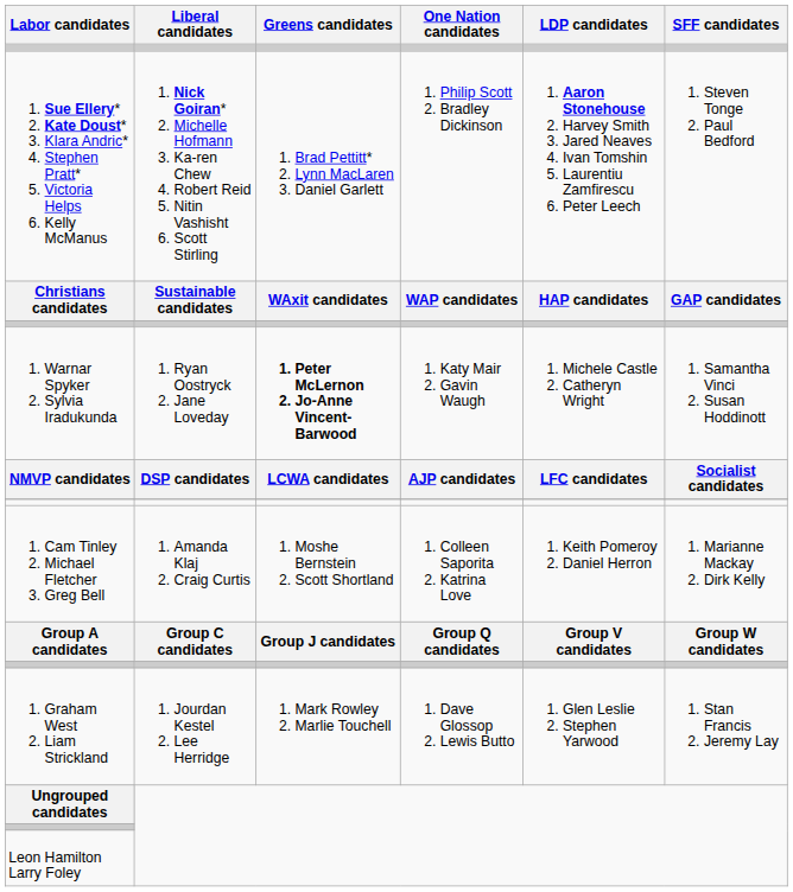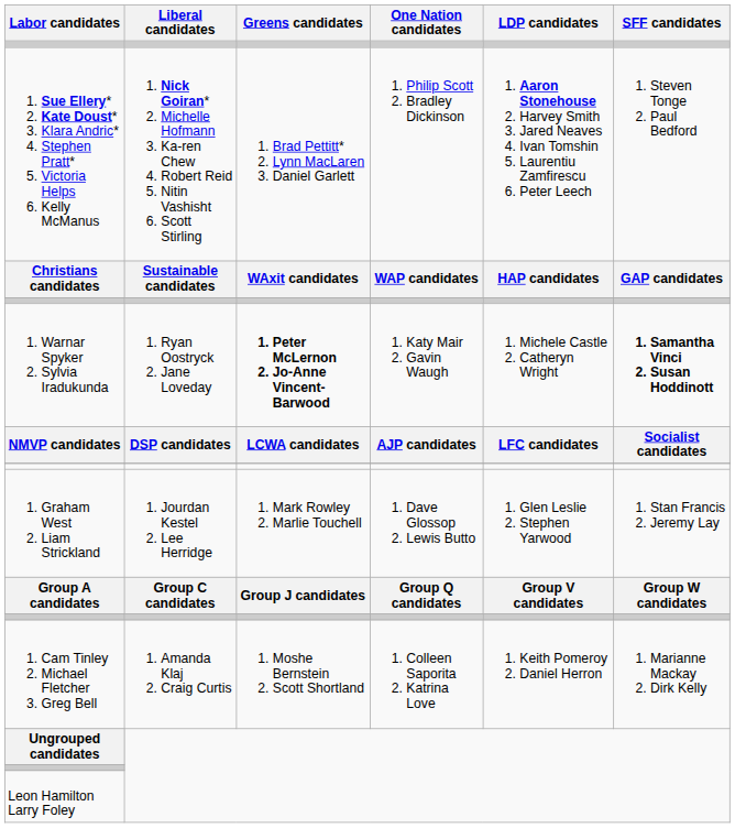 <table class="wikitable">
 <tr>
 <th><a href='#'>Labor</a> candidates</th>
 <th><a href='#'>Liberal</a> candidates</th>
 <th><a href='#'>Greens</a> candidates</th>
 <th><a href='#'>One Nation</a> candidates</th>
 <th><a href='#'>LDP</a> candidates</th>
 <th><a href='#'>SFF</a> candidates</th>
 </tr>
 <tr bgcolor="#cccccc">
 <td></td>
 <td></td>
 <td></td>
 <td></td>
 <td></td>
 <td></td>
 </tr>
 <tr>
 <td><br><ol><li><strong><a href='#'>Sue Ellery</a></strong>*</li><li><strong><a href='#'>Kate Doust</a></strong>*</li><li><a href='#'>Klara Andric</a>*</li><li><a href='#'>Stephen Pratt</a>*</li><li><a href='#'>Victoria Helps</a></li><li>Kelly McManus</li></ol></td>
 <td><br><ol><li><strong><a href='#'>Nick Goiran</a></strong>*</li><li><a href='#'>Michelle Hofmann</a></li><li>Ka-ren Chew</li><li>Robert Reid</li><li>Nitin Vashisht</li><li>Scott Stirling</li></ol></td>
 <td><br><ol><li><a href='#'>Brad Pettitt</a>*</li><li><a href='#'>Lynn MacLaren</a></li><li>Daniel Garlett</li></ol></td>
 <td valign=top><br><ol><li><a href='#'>Philip Scott</a></li><li>Bradley Dickinson</li></ol></td>
 <td valign=top><br><ol><li><strong><a href='#'>Aaron Stonehouse</a></strong></li><li>Harvey Smith</li><li>Jared Neaves</li><li>Ivan Tomshin</li><li>Laurentiu Zamfirescu</li><li>Peter Leech</li></ol></td>
 <td valign=top><br><ol><li>Steven Tonge</li><li>Paul Bedford</li></ol></td>
 </tr>
 <tr bgcolor="#cccccc">
 <th><a href='#'>Christians</a> candidates</th>
 <th><a href='#'>Sustainable</a> candidates</th>
 <th><a href='#'>WAxit</a> candidates</th>
 <th><a href='#'>WAP</a> candidates</th>
 <th><a href='#'>HAP</a> candidates</th>
 <th><a href='#'>GAP</a> candidates</th>
 </tr>
 <tr bgcolor="#cccccc">
 <td></td>
 <td></td>
 <td></td>
 <td></td>
 <td></td>
 <td></td>
 </tr>
 <tr>
 <td valign=top><br><ol><li>Warnar Spyker</li><li>Sylvia Iradukunda</li></ol></td>
 <td valign=top><br><ol><li>Ryan Oostryck</li><li>Jane Loveday</li></ol></td>
 <td valign=top><strong><br><ol><li>Peter McLernon</li><li>Jo-Anne Vincent-Barwood</li></ol></strong></td>
 <td valign=top><br><ol><li>Katy Mair</li><li>Gavin Waugh</li></ol></td>
 <td valign=top><br><ol><li>Michele Castle</li><li>Catheryn Wright</li></ol></td>
-<td valign=top><br><ol><li>Samantha Vinci</li><li>Susan Hoddinott</li></ol></td>
+<td valign=top><strong><br><ol><li>Samantha Vinci</li><li>Susan Hoddinott</li></ol></strong></td>
 </tr>
 <tr bgcolor="#cccccc">
 <th><a href='#'>NMVP</a> candidates</th>
 <th><a href='#'>DSP</a> candidates</th>
 <th><a href='#'>LCWA</a> candidates</th>
 <th><a href='#'>AJP</a> candidates</th>
 <th><a href='#'>LFC</a> candidates</th>
 <th><a href='#'>Socialist</a> candidates</th>
 </tr>
 <tr bgcolor="#cccccc">
 </tr>
 <tr>
 <td></td>
 <td></td>
 <td></td>
 <td></td>
 <td></td>
 <td></td>
 </tr>
 <tr>
-<td valign=top><br><ol><li>Cam Tinley</li><li>Michael Fletcher</li><li>Greg Bell</li></ol></td>
-<td valign=top><br><ol><li>Amanda Klaj</li><li>Craig Curtis</li></ol></td>
-<td valign=top><br><ol><li>Moshe Bernstein</li><li>Scott Shortland</li></ol></td>
-<td valign=top><br><ol><li>Colleen Saporita</li><li>Katrina Love</li></ol></td>
-<td valign=top><br><ol><li>Keith Pomeroy</li><li>Daniel Herron</li></ol></td>
-<td valign=top><br><ol><li>Marianne Mackay</li><li>Dirk Kelly</li></ol></td>
+<td valign=top><br><ol><li>Graham West</li><li>Liam Strickland</li></ol></td>
+<td valign=top><br><ol><li>Jourdan Kestel</li><li>Lee Herridge</li></ol></td>
+<td valign=top><br><ol><li>Mark Rowley</li><li>Marlie Touchell</li></ol></td>
+<td valign=top><br><ol><li>Dave Glossop</li><li>Lewis Butto</li></ol></td>
+<td valign=top><br><ol><li>Glen Leslie</li><li>Stephen Yarwood</li></ol></td>
+<td valign=top><br><ol><li>Stan Francis</li><li>Jeremy Lay</li></ol></td>
 </tr>
 <tr bgcolor="#cccccc">
 <th>Group A candidates</th>
 <th>Group C candidates</th>
 <th>Group J candidates</th>
 <th>Group Q candidates</th>
 <th>Group V candidates</th>
 <th>Group W candidates</th>
 </tr>
 <tr bgcolor="#cccccc">
 <td></td>
 <td></td>
 <td></td>
 <td></td>
 <td></td>
 <td></td>
 </tr>
 <tr>
-<td valign=top><br><ol><li>Graham West</li><li>Liam Strickland</li></ol></td>
-<td valign=top><br><ol><li>Jourdan Kestel</li><li>Lee Herridge</li></ol></td>
-<td valign=top><br><ol><li>Mark Rowley</li><li>Marlie Touchell</li></ol></td>
-<td valign=top><br><ol><li>Dave Glossop</li><li>Lewis Butto</li></ol></td>
-<td valign=top><br><ol><li>Glen Leslie</li><li>Stephen Yarwood</li></ol></td>
-<td valign=top><br><ol><li>Stan Francis</li><li>Jeremy Lay</li></ol></td>
+<td valign=top><br><ol><li>Cam Tinley</li><li>Michael Fletcher</li><li>Greg Bell</li></ol></td>
+<td valign=top><br><ol><li>Amanda Klaj</li><li>Craig Curtis</li></ol></td>
+<td valign=top><br><ol><li>Moshe Bernstein</li><li>Scott Shortland</li></ol></td>
+<td valign=top><br><ol><li>Colleen Saporita</li><li>Katrina Love</li></ol></td>
+<td valign=top><br><ol><li>Keith Pomeroy</li><li>Daniel Herron</li></ol></td>
+<td valign=top><br><ol><li>Marianne Mackay</li><li>Dirk Kelly</li></ol></td>
 </tr>
 <tr bgcolor="#cccccc">
 <th>Ungrouped candidates</th>
 </tr>
 <tr bgcolor="#cccccc">
 <td></td>
 </tr>
 <tr>
 <td valign=top><br>Leon Hamilton <br> Larry Foley</td>
 </tr>
 </table>
